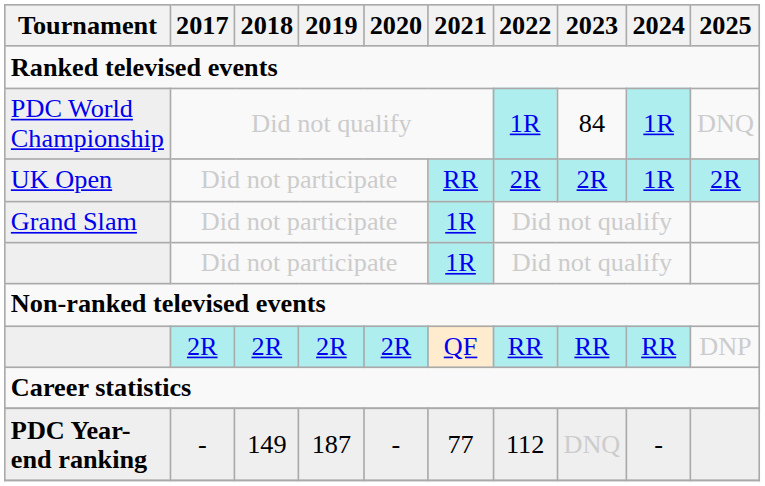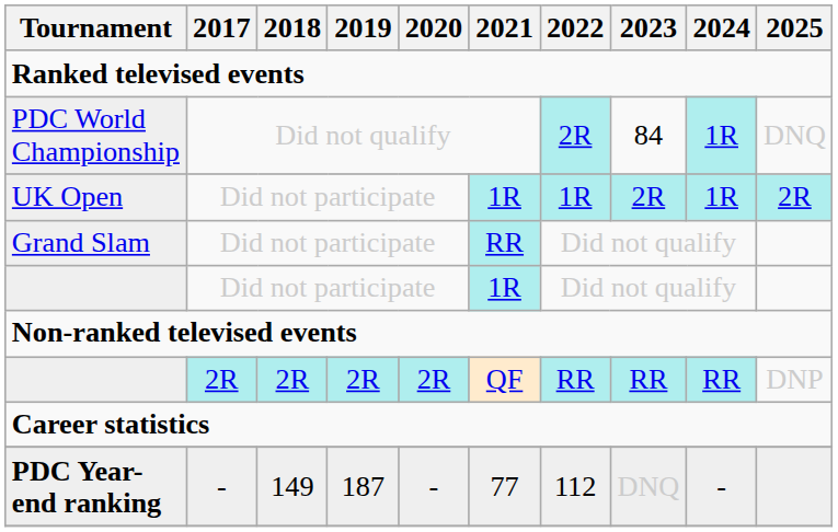 <table class="wikitable" style="width:20%; margin:0">
 <tr>
 <th>Tournament</th>
 <th>2017</th>
 <th>2018</th>
 <th>2019</th>
 <th>2020</th>
 <th>2021</th>
 <th>2022</th>
 <th>2023</th>
 <th>2024</th>
 <th>2025</th>
 </tr>
 <tr>
 <td colspan="15" align="left"><strong>Ranked televised events</strong></td>
 </tr>
 <tr>
 <td style="background:#efefef;"><a href='#'>PDC World Championship</a></td>
 <td colspan="5" style="text-align:center; color:#ccc;">Did not qualify</td>
-<td style="text-align:center; background:#afeeee;"><a href='#'>1R</a></td>
+<td style="text-align:center; background:#afeeee;"><a href='#'>2R</a></td>
 <td style="text-align:center;">84</td>
 <td style="text-align:center; background:#afeeee;"><a href='#'>1R</a></td>
 <td style="text-align:center; color:#ccc;">DNQ</td>
 </tr>
 <tr>
 <td style="background:#efefef;"><a href='#'>UK Open</a></td>
 <td colspan="4" style="text-align:center; color:#ccc;">Did not participate</td>
-<td style="text-align:center; background:#afeeee;"><a href='#'>RR</a></td>
-<td style="text-align:center; background:#afeeee;"><a href='#'>2R</a></td>
+<td style="text-align:center; background:#afeeee;"><a href='#'>1R</a></td>
+<td style="text-align:center; background:#afeeee;"><a href='#'>1R</a></td>
 <td style="text-align:center; background:#afeeee;"><a href='#'>2R</a></td>
 <td style="text-align:center; background:#afeeee;"><a href='#'>1R</a></td>
 <td style="text-align:center; background:#afeeee;"><a href='#'>2R</a></td>
 </tr>
 <tr>
 <td style="background:#efefef;"><a href='#'>Grand Slam</a></td>
 <td colspan="4" style="text-align:center; color:#ccc;">Did not participate</td>
-<td style="text-align:center; background:#afeeee;"><a href='#'>1R</a></td>
+<td style="text-align:center; background:#afeeee;"><a href='#'>RR</a></td>
 <td colspan="3" style="text-align:center; color:#ccc;">Did not qualify</td>
 <td></td>
 </tr>
 <tr>
 <td style="background:#efefef;"></td>
 <td colspan="4" style="text-align:center; color:#ccc;">Did not participate</td>
 <td style="text-align:center; background:#afeeee;"><a href='#'>1R</a></td>
 <td colspan="3" style="text-align:center; color:#ccc;">Did not qualify</td>
 <td></td>
 </tr>
 <tr>
 <td colspan="15" align="left"><strong>Non-ranked televised events</strong></td>
 </tr>
 <tr>
 <td style="background:#efefef;"></td>
 <td style="text-align:center; background:#afeeee;"><a href='#'>2R</a></td>
 <td style="text-align:center; background:#afeeee;"><a href='#'>2R</a></td>
 <td style="text-align:center; background:#afeeee;"><a href='#'>2R</a></td>
 <td style="text-align:center; background:#afeeee;"><a href='#'>2R</a></td>
 <td style="text-align:center; background:#ffebcd;"><a href='#'>QF</a></td>
 <td style="text-align:center; background:#afeeee;"><a href='#'>RR</a></td>
 <td style="text-align:center; background:#afeeee;"><a href='#'>RR</a></td>
 <td style="text-align:center; background:#afeeee;"><a href='#'>RR</a></td>
 <td style="text-align:center; color:#ccc;">DNP</td>
 </tr>
 <tr>
 <td colspan="14" align="left"><strong>Career statistics</strong></td>
 </tr>
 <tr>
 </tr>
 <tr bgcolor="efefef">
 <td align="left"><strong>PDC Year-end ranking</strong></td>
 <td style="text-align:center;">-</td>
 <td style="text-align:center;">149</td>
 <td style="text-align:center;">187</td>
 <td style="text-align:center;">-</td>
 <td style="text-align:center;">77</td>
 <td style="text-align:center;">112</td>
 <td style="text-align:center; color:#ccc;">DNQ</td>
 <td style="text-align:center;">-</td>
 <td></td>
 </tr>
 <tr>
 </tr>
 </table>
